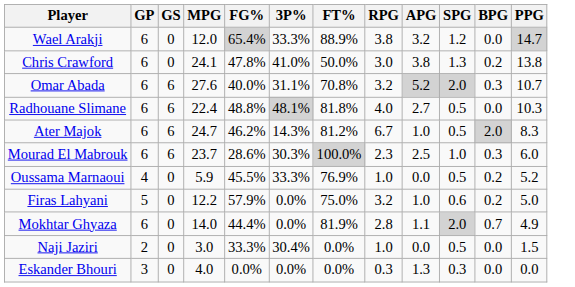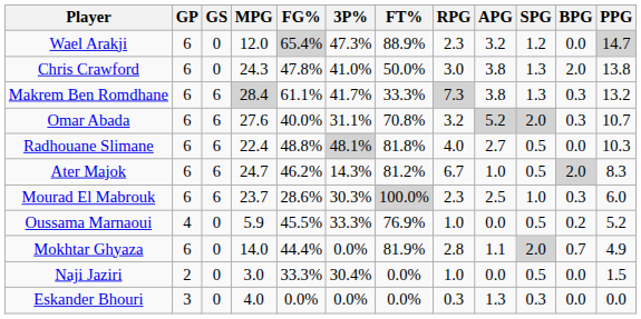 <table class="wikitable sortable" style="text-align:center;">
 <tr>
 <th>Player</th>
 <th>GP</th>
 <th>GS</th>
 <th>MPG</th>
 <th>FG%</th>
 <th>3P%</th>
 <th>FT%</th>
 <th>RPG</th>
 <th>APG</th>
 <th>SPG</th>
 <th>BPG</th>
 <th>PPG</th>
 </tr>
 <tr>
 <td><a href='#'>Wael Arakji</a></td>
 <td>6</td>
 <td>0</td>
 <td>12.0</td>
 <td style="background:#D3D3D3;">65.4%</td>
-<td>33.3%</td>
+<td>47.3%</td>
 <td>88.9%</td>
-<td>3.8</td>
+<td>2.3</td>
 <td>3.2</td>
 <td>1.2</td>
 <td>0.0</td>
 <td style="background:#D3D3D3;">14.7</td>
 </tr>
 <tr>
 <td><a href='#'>Chris Crawford</a></td>
 <td>6</td>
 <td>0</td>
-<td>24.1</td>
+<td>24.3</td>
 <td>47.8%</td>
 <td>41.0%</td>
 <td>50.0%</td>
 <td>3.0</td>
 <td>3.8</td>
 <td>1.3</td>
-<td>0.2</td>
+<td>2.0</td>
 <td>13.8</td>
+</tr>
+<tr>
+<td><a href='#'>Makrem Ben Romdhane</a></td>
+<td>6</td>
+<td>6</td>
+<td style="background:#D3D3D3;">28.4</td>
+<td>61.1%</td>
+<td>41.7%</td>
+<td>33.3%</td>
+<td style="background:#D3D3D3;">7.3</td>
+<td>3.8</td>
+<td>1.3</td>
+<td>0.3</td>
+<td>13.2</td>
 </tr>
 <tr>
 <td><a href='#'>Omar Abada</a></td>
 <td>6</td>
 <td>6</td>
 <td>27.6</td>
 <td>40.0%</td>
 <td>31.1%</td>
 <td>70.8%</td>
 <td>3.2</td>
 <td style="background:#D3D3D3;">5.2</td>
 <td style="background:#D3D3D3;">2.0</td>
 <td>0.3</td>
 <td>10.7</td>
 </tr>
 <tr>
 <td><a href='#'>Radhouane Slimane</a></td>
 <td>6</td>
 <td>6</td>
 <td>22.4</td>
 <td>48.8%</td>
 <td style="background:#D3D3D3;">48.1%</td>
 <td>81.8%</td>
 <td>4.0</td>
 <td>2.7</td>
 <td>0.5</td>
 <td>0.0</td>
 <td>10.3</td>
 </tr>
 <tr>
 <td><a href='#'>Ater Majok</a></td>
 <td>6</td>
 <td>6</td>
 <td>24.7</td>
 <td>46.2%</td>
 <td>14.3%</td>
 <td>81.2%</td>
 <td>6.7</td>
 <td>1.0</td>
 <td>0.5</td>
 <td style="background:#D3D3D3;">2.0</td>
 <td>8.3</td>
 </tr>
 <tr>
 <td><a href='#'>Mourad El Mabrouk</a></td>
 <td>6</td>
 <td>6</td>
 <td>23.7</td>
 <td>28.6%</td>
 <td>30.3%</td>
 <td style="background:#D3D3D3;">100.0%</td>
 <td>2.3</td>
 <td>2.5</td>
 <td>1.0</td>
 <td>0.3</td>
 <td>6.0</td>
 </tr>
 <tr>
 <td><a href='#'>Oussama Marnaoui</a></td>
 <td>4</td>
 <td>0</td>
 <td>5.9</td>
 <td>45.5%</td>
 <td>33.3%</td>
 <td>76.9%</td>
 <td>1.0</td>
 <td>0.0</td>
 <td>0.5</td>
 <td>0.2</td>
 <td>5.2</td>
 </tr>
 <tr>
-<td><a href='#'>Firas Lahyani</a></td>
-<td>5</td>
-<td>0</td>
-<td>12.2</td>
-<td>57.9%</td>
-<td>0.0%</td>
-<td>75.0%</td>
-<td>3.2</td>
-<td>1.0</td>
-<td>0.6</td>
-<td>0.2</td>
-<td>5.0</td>
-</tr>
-<tr>
 <td><a href='#'>Mokhtar Ghyaza</a></td>
 <td>6</td>
 <td>0</td>
 <td>14.0</td>
 <td>44.4%</td>
 <td>0.0%</td>
 <td>81.9%</td>
 <td>2.8</td>
 <td>1.1</td>
 <td style="background:#D3D3D3;">2.0</td>
 <td>0.7</td>
 <td>4.9</td>
 </tr>
 <tr>
 <td><a href='#'>Naji Jaziri</a></td>
 <td>2</td>
 <td>0</td>
 <td>3.0</td>
 <td>33.3%</td>
 <td>30.4%</td>
 <td>0.0%</td>
 <td>1.0</td>
 <td>0.0</td>
 <td>0.5</td>
 <td>0.0</td>
 <td>1.5</td>
 </tr>
 <tr>
 <td><a href='#'>Eskander Bhouri</a></td>
 <td>3</td>
 <td>0</td>
 <td>4.0</td>
 <td>0.0%</td>
 <td>0.0%</td>
 <td>0.0%</td>
 <td>0.3</td>
 <td>1.3</td>
 <td>0.3</td>
 <td>0.0</td>
 <td>0.0</td>
 </tr>
 </table>
